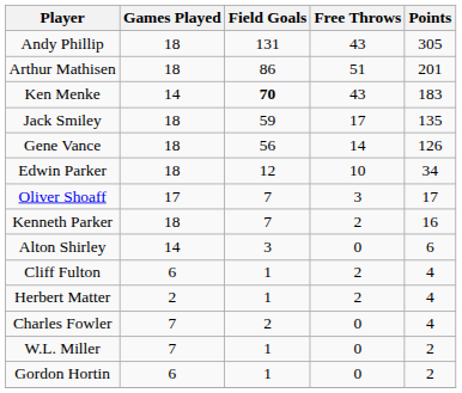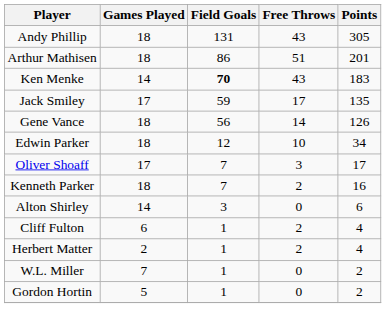 <table class="wikitable sortable">
 <tr>
 <th>Player</th>
 <th>Games Played</th>
 <th>Field Goals</th>
 <th>Free Throws</th>
 <th>Points</th>
 </tr>
 <tr align="center" bgcolor="">
 <td>Andy Phillip</td>
 <td>18</td>
 <td>131</td>
 <td>43</td>
 <td>305</td>
 </tr>
 <tr align="center" bgcolor="">
 <td>Arthur Mathisen</td>
 <td>18</td>
 <td>86</td>
 <td>51</td>
 <td>201</td>
 </tr>
 <tr align="center" bgcolor="">
 <td>Ken Menke</td>
 <td>14</td>
 <td><strong>70</strong></td>
 <td>43</td>
 <td>183</td>
 </tr>
 <tr align="center" bgcolor="">
 <td>Jack Smiley</td>
-<td>18</td>
+<td>17</td>
 <td>59</td>
 <td>17</td>
 <td>135</td>
 </tr>
 <tr align="center" bgcolor="">
 <td>Gene Vance</td>
 <td>18</td>
 <td>56</td>
 <td>14</td>
 <td>126</td>
 </tr>
 <tr align="center" bgcolor="">
 <td>Edwin Parker</td>
 <td>18</td>
 <td>12</td>
 <td>10</td>
 <td>34</td>
 </tr>
 <tr align="center" bgcolor="">
 <td><a href='#'>Oliver Shoaff</a></td>
 <td>17</td>
 <td>7</td>
 <td>3</td>
 <td>17</td>
 </tr>
 <tr align="center" bgcolor="">
 <td>Kenneth Parker</td>
 <td>18</td>
 <td>7</td>
 <td>2</td>
 <td>16</td>
 </tr>
 <tr align="center" bgcolor="">
 <td>Alton Shirley</td>
 <td>14</td>
 <td>3</td>
 <td>0</td>
 <td>6</td>
 </tr>
 <tr align="center" bgcolor="">
 <td>Cliff Fulton</td>
 <td>6</td>
 <td>1</td>
 <td>2</td>
 <td>4</td>
 </tr>
 <tr align="center" bgcolor="">
 <td>Herbert Matter</td>
 <td>2</td>
 <td>1</td>
 <td>2</td>
 <td>4</td>
 </tr>
 <tr align="center" bgcolor="">
-<td>Charles Fowler</td>
-<td>7</td>
-<td>2</td>
-<td>0</td>
-<td>4</td>
-</tr>
-<tr align="center" bgcolor="">
 <td>W.L. Miller</td>
 <td>7</td>
 <td>1</td>
 <td>0</td>
 <td>2</td>
 </tr>
 <tr align="center" bgcolor="">
 <td>Gordon Hortin</td>
-<td>6</td>
+<td>5</td>
 <td>1</td>
 <td>0</td>
 <td>2</td>
 </tr>
 <tr align="center" bgcolor="">
 </tr>
 </table>
